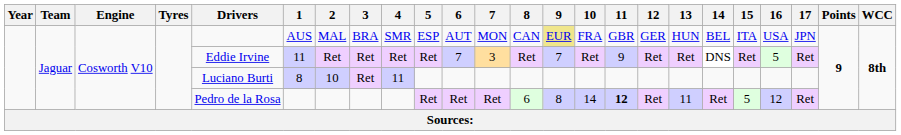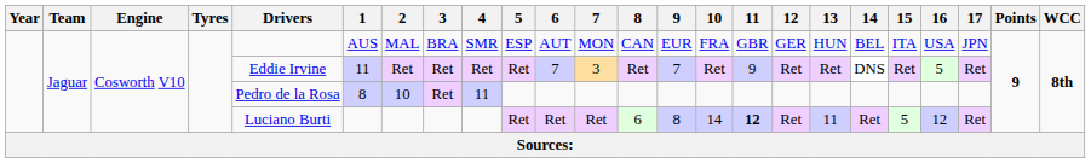 <table class="wikitable" style="text-align:center; font-size:95%">
 <tr>
 <th>Year</th>
 <th>Team</th>
 <th>Engine</th>
 <th>Tyres</th>
 <th>Drivers</th>
 <th>1</th>
 <th>2</th>
 <th>3</th>
 <th>4</th>
 <th>5</th>
 <th>6</th>
 <th>7</th>
 <th>8</th>
 <th>9</th>
 <th>10</th>
 <th>11</th>
 <th>12</th>
 <th>13</th>
 <th>14</th>
 <th>15</th>
 <th>16</th>
 <th>17</th>
 <th>Points</th>
 <th>WCC</th>
 </tr>
 <tr>
 <td rowspan="4"></td>
 <td rowspan="4"><a href='#'>Jaguar</a></td>
 <td rowspan="4"><a href='#'>Cosworth</a> <a href='#'>V10</a></td>
 <td rowspan="4"></td>
 <td></td>
 <td><a href='#'>AUS</a></td>
 <td><a href='#'>MAL</a></td>
 <td><a href='#'>BRA</a></td>
 <td><a href='#'>SMR</a></td>
 <td><a href='#'>ESP</a></td>
 <td><a href='#'>AUT</a></td>
 <td><a href='#'>MON</a></td>
 <td><a href='#'>CAN</a></td>
-<td style="background: khaki;"><a href='#'>EUR</a></td>
+<td><a href='#'>EUR</a></td>
 <td><a href='#'>FRA</a></td>
 <td><a href='#'>GBR</a></td>
 <td><a href='#'>GER</a></td>
 <td><a href='#'>HUN</a></td>
 <td><a href='#'>BEL</a></td>
 <td><a href='#'>ITA</a></td>
 <td><a href='#'>USA</a></td>
 <td><a href='#'>JPN</a></td>
 <td rowspan="4"><strong>9</strong></td>
 <td rowspan="4"><strong>8th</strong></td>
 </tr>
 <tr>
 <td> <a href='#'>Eddie Irvine</a></td>
 <td style="background:#CFCFFF;">11</td>
 <td style="background:#EFCFFF;">Ret</td>
 <td style="background:#EFCFFF;">Ret</td>
 <td style="background:#EFCFFF;">Ret</td>
 <td style="background:#EFCFFF;">Ret</td>
 <td style="background:#CFCFFF;">7</td>
 <td style="background:#FFDF9F;">3</td>
 <td style="background:#EFCFFF;">Ret</td>
 <td style="background:#CFCFFF;">7</td>
 <td style="background:#EFCFFF;">Ret</td>
 <td style="background:#CFCFFF;">9</td>
 <td style="background:#EFCFFF;">Ret</td>
 <td style="background:#EFCFFF;">Ret</td>
 <td style="background:#FFFFFF;">DNS</td>
 <td style="background:#EFCFFF;">Ret</td>
 <td style="background:#DFFFDF;">5</td>
 <td style="background:#EFCFFF;">Ret</td>
 </tr>
 <tr>
-<td> <a href='#'>Luciano Burti</a></td>
+<td> <a href='#'>Pedro de la Rosa</a></td>
 <td style="background:#CFCFFF;">8</td>
 <td style="background:#CFCFFF;">10</td>
 <td style="background:#EFCFFF;">Ret</td>
 <td style="background:#CFCFFF;">11</td>
 <td></td>
 <td></td>
 <td></td>
 <td></td>
 <td></td>
 <td></td>
 <td></td>
 <td></td>
 <td></td>
 <td></td>
 <td></td>
 <td></td>
 <td></td>
 </tr>
 <tr>
-<td> <a href='#'>Pedro de la Rosa</a></td>
+<td> <a href='#'>Luciano Burti</a></td>
 <td></td>
 <td></td>
 <td></td>
 <td></td>
 <td style="background:#EFCFFF;">Ret</td>
 <td style="background:#EFCFFF;">Ret</td>
 <td style="background:#EFCFFF;">Ret</td>
 <td style="background:#DFFFDF;">6</td>
 <td style="background:#CFCFFF;">8</td>
 <td style="background:#CFCFFF;">14</td>
 <td style="background:#CFCFFF;"><strong>12</strong></td>
 <td style="background:#EFCFFF;">Ret</td>
 <td style="background:#CFCFFF;">11</td>
 <td style="background:#EFCFFF;">Ret</td>
 <td style="background:#DFFFDF;">5</td>
 <td style="background:#CFCFFF;">12</td>
 <td style="background:#EFCFFF;">Ret</td>
 </tr>
 <tr>
 <th colspan="24">Sources:</th>
 </tr>
 </table>
